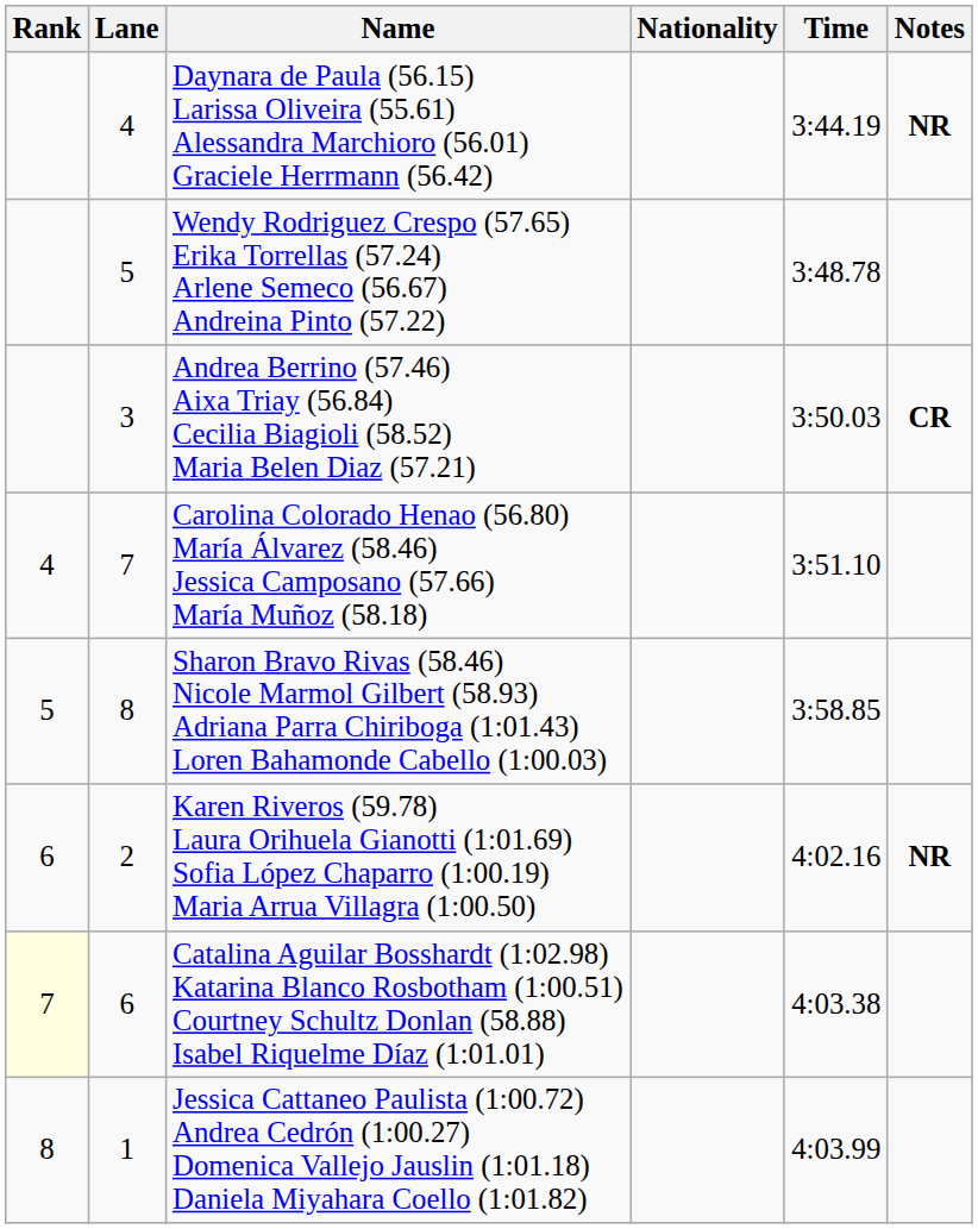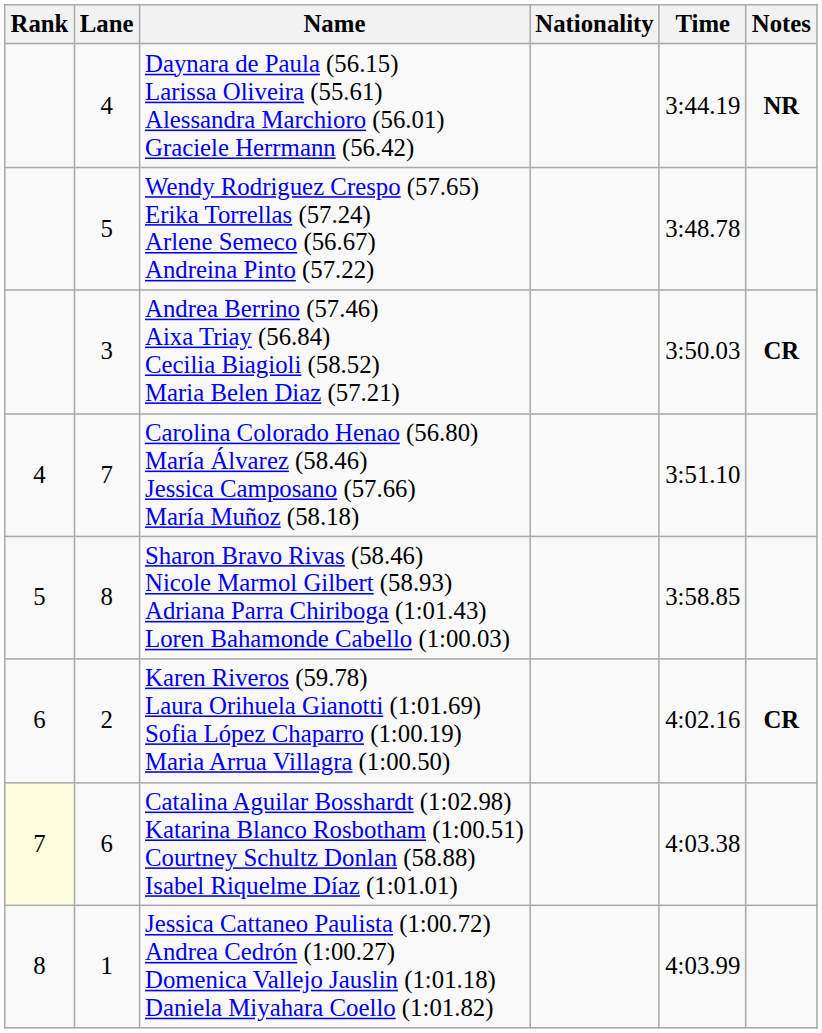 <table class="wikitable sortable" style="text-align:center">
 <tr>
 <th>Rank</th>
 <th>Lane</th>
 <th>Name</th>
 <th>Nationality</th>
 <th>Time</th>
 <th>Notes</th>
 </tr>
 <tr>
 <td></td>
 <td>4</td>
 <td align=left><a href='#'>Daynara de Paula</a> (56.15) <br> <a href='#'>Larissa Oliveira</a> (55.61) <br> <a href='#'>Alessandra Marchioro</a> (56.01) <br> <a href='#'>Graciele Herrmann</a> (56.42)</td>
 <td align=left></td>
 <td>3:44.19</td>
 <td><strong>NR</strong></td>
 </tr>
 <tr>
 <td></td>
 <td>5</td>
 <td align=left><a href='#'>Wendy Rodriguez Crespo</a> (57.65) <br> <a href='#'>Erika Torrellas</a> (57.24) <br> <a href='#'>Arlene Semeco</a> (56.67) <br> <a href='#'>Andreina Pinto</a> (57.22)</td>
 <td align=left></td>
 <td>3:48.78</td>
 <td></td>
 </tr>
 <tr>
 <td></td>
 <td>3</td>
 <td align=left><a href='#'>Andrea Berrino</a> (57.46) <br> <a href='#'>Aixa Triay</a> (56.84) <br> <a href='#'>Cecilia Biagioli</a> (58.52) <br> <a href='#'>Maria Belen Diaz</a> (57.21)</td>
 <td align=left></td>
 <td>3:50.03</td>
 <td><strong>CR</strong></td>
 </tr>
 <tr>
 <td>4</td>
 <td>7</td>
 <td align=left><a href='#'>Carolina Colorado Henao</a> (56.80) <br> <a href='#'>María Álvarez</a> (58.46) <br> <a href='#'>Jessica Camposano</a> (57.66) <br> <a href='#'>María Muñoz</a> (58.18)</td>
 <td align=left></td>
 <td>3:51.10</td>
 <td></td>
 </tr>
 <tr>
 <td>5</td>
 <td>8</td>
 <td align=left><a href='#'>Sharon Bravo Rivas</a> (58.46) <br> <a href='#'>Nicole Marmol Gilbert</a> (58.93) <br> <a href='#'>Adriana Parra Chiriboga</a> (1:01.43) <br> <a href='#'>Loren Bahamonde Cabello</a> (1:00.03)</td>
 <td align=left></td>
 <td>3:58.85</td>
 <td></td>
 </tr>
 <tr>
 <td>6</td>
 <td>2</td>
 <td align=left><a href='#'>Karen Riveros</a> (59.78) <br> <a href='#'>Laura Orihuela Gianotti</a> (1:01.69) <br> <a href='#'>Sofia López Chaparro</a> (1:00.19) <br> <a href='#'>Maria Arrua Villagra</a> (1:00.50)</td>
 <td align=left></td>
 <td>4:02.16</td>
-<td><strong>NR</strong></td>
+<td><strong>CR</strong></td>
 </tr>
 <tr>
 <td style="background: lightyellow;">7</td>
 <td>6</td>
 <td align=left><a href='#'>Catalina Aguilar Bosshardt</a> (1:02.98) <br> <a href='#'>Katarina Blanco Rosbotham</a> (1:00.51) <br> <a href='#'>Courtney Schultz Donlan</a> (58.88) <br> <a href='#'>Isabel Riquelme Díaz</a> (1:01.01)</td>
 <td align=left></td>
 <td>4:03.38</td>
 <td></td>
 </tr>
 <tr>
 <td>8</td>
 <td>1</td>
 <td align=left><a href='#'>Jessica Cattaneo Paulista</a> (1:00.72) <br> <a href='#'>Andrea Cedrón</a> (1:00.27) <br> <a href='#'>Domenica Vallejo Jauslin</a> (1:01.18) <br> <a href='#'>Daniela Miyahara Coello</a> (1:01.82)</td>
 <td align=left></td>
 <td>4:03.99</td>
 <td></td>
 </tr>
 </table>
